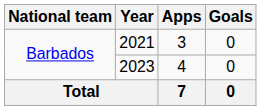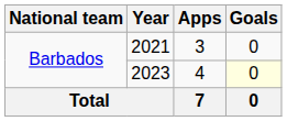 <table class="wikitable" style="text-align:center">
 <tr>
 <th>National team</th>
 <th>Year</th>
 <th>Apps</th>
 <th>Goals</th>
 </tr>
 <tr>
 <td rowspan="2"><a href='#'>Barbados</a></td>
 <td>2021</td>
 <td>3</td>
 <td>0</td>
 </tr>
 <tr>
 <td>2023</td>
 <td>4</td>
-<td>0</td>
+<td style="background: lightyellow;">0</td>
 </tr>
 <tr>
 <th colspan="2">Total</th>
 <th>7</th>
 <th>0</th>
 </tr>
 </table>
